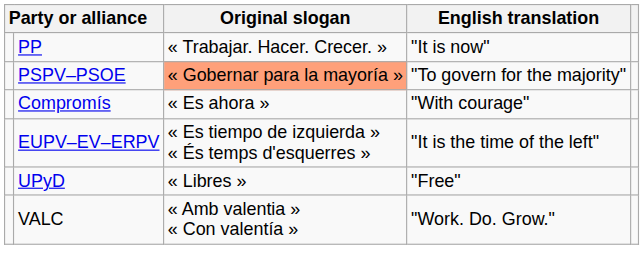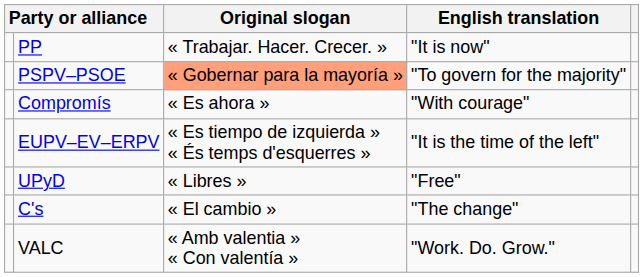 <table class="wikitable" style="text-align:left;">
 <tr>
 <th style="text-align:left;" colspan="2">Party or alliance</th>
 <th>Original slogan</th>
 <th>English translation</th>
 <th></th>
 </tr>
 <tr>
 <td width="1" style="color:inherit;background:"></td>
 <td><a href='#'>PP</a></td>
 <td>« Trabajar. Hacer. Crecer. »</td>
 <td>"It is now"</td>
 <td></td>
 </tr>
 <tr>
 <td style="color:inherit;background:"></td>
 <td><a href='#'>PSPV–PSOE</a></td>
 <td style="background: lightsalmon;">« Gobernar para la mayoría »</td>
 <td>"To govern for the majority"</td>
 <td></td>
 </tr>
 <tr>
 <td style="color:inherit;background:"></td>
 <td><a href='#'>Compromís</a></td>
 <td>« Es ahora »</td>
 <td>"With courage"</td>
 <td></td>
 </tr>
 <tr>
 <td style="color:inherit;background:"></td>
 <td><a href='#'>EUPV–EV–ERPV</a></td>
 <td>« Es tiempo de izquierda »<br>« És temps d'esquerres »</td>
 <td>"It is the time of the left"</td>
 <td></td>
 </tr>
 <tr>
 <td style="color:inherit;background:"></td>
 <td><a href='#'>UPyD</a></td>
 <td>« Libres »</td>
 <td>"Free"</td>
 <td></td>
 </tr>
 <tr>
 <td style="color:inherit;background:"></td>
+<td><a href='#'>C's</a></td>
+<td>« El cambio »</td>
+<td>"The change"</td>
+<td></td>
+</tr>
+<tr>
+<td style="color:inherit;background:"></td>
 <td>VALC</td>
 <td>« Amb valentia »<br>« Con valentía »</td>
 <td>"Work. Do. Grow."</td>
 <td></td>
 </tr>
 </table>
